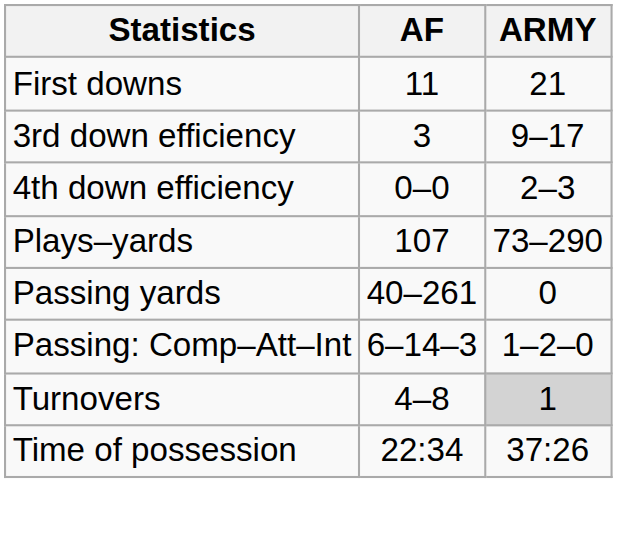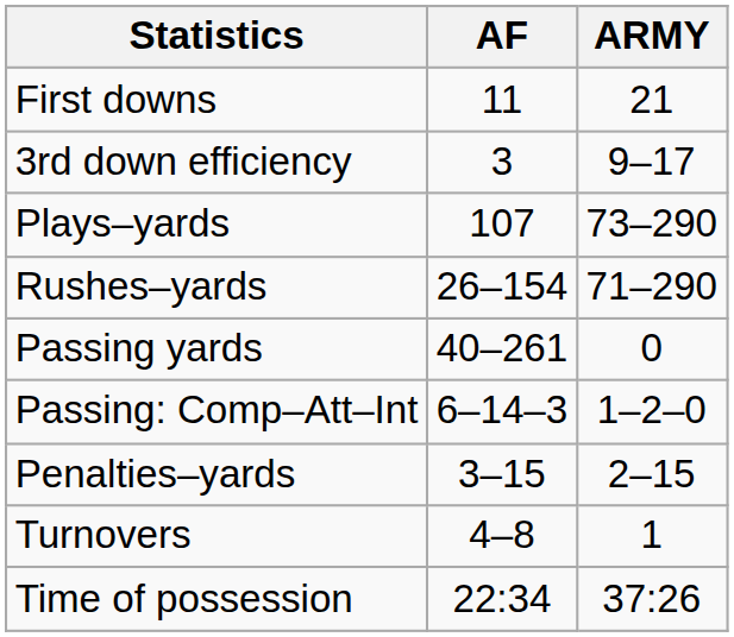 <table class="wikitable">
 <tr>
 <th>Statistics</th>
 <th>AF</th>
 <th>ARMY</th>
 </tr>
 <tr>
 <td>First downs</td>
 <td align=center>11</td>
 <td align="center">21</td>
 </tr>
 <tr>
 <td>3rd down efficiency</td>
 <td align=center>3</td>
 <td align="center">9–17</td>
 </tr>
 <tr>
-<td>4th down efficiency</td>
-<td align=center>0–0</td>
-<td align="center">2–3</td>
-</tr>
-<tr>
 <td>Plays–yards</td>
 <td align=center>107</td>
 <td align="center">73–290</td>
+</tr>
+<tr>
+<td>Rushes–yards</td>
+<td align=center>26–154</td>
+<td align="center">71–290</td>
 </tr>
 <tr>
 <td>Passing yards</td>
 <td align=center>40–261</td>
 <td align="center">0</td>
 </tr>
 <tr>
 <td>Passing: Comp–Att–Int</td>
 <td align=center>6–14–3</td>
 <td align="center">1–2–0</td>
 </tr>
 <tr>
+<td>Penalties–yards</td>
+<td align=center>3–15</td>
+<td align="center">2–15</td>
+</tr>
+<tr>
 <td>Turnovers</td>
 <td align=center>4–8</td>
-<td align="center" style="background: lightgrey;">1</td>
+<td align="center">1</td>
 </tr>
 <tr>
 <td>Time of possession</td>
 <td align=center>22:34</td>
 <td align="center">37:26</td>
 </tr>
 </table>
